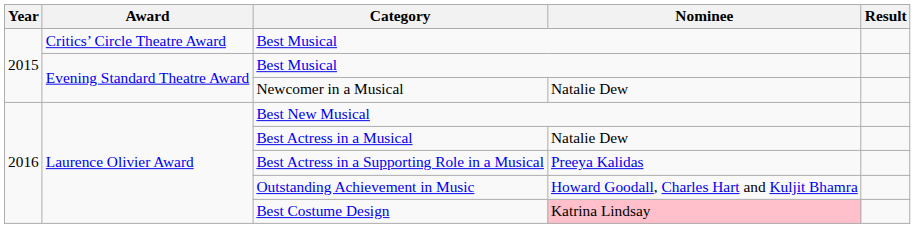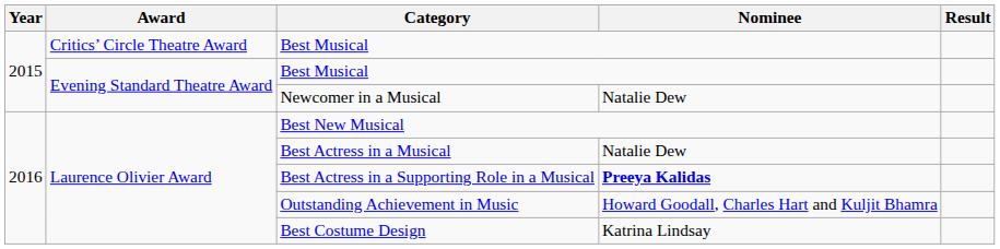 <table class="wikitable sortable">
 <tr>
 <th>Year</th>
 <th>Award</th>
 <th>Category</th>
 <th>Nominee</th>
 <th>Result</th>
 </tr>
 <tr>
 <td rowspan="3">2015</td>
 <td><a href='#'>Critics’ Circle Theatre Award</a></td>
 <td colspan="2"><a href='#'>Best Musical</a></td>
 <td></td>
 </tr>
 <tr>
 <td rowspan="2"><a href='#'>Evening Standard Theatre Award</a></td>
 <td colspan="2"><a href='#'>Best Musical</a></td>
 <td></td>
 </tr>
 <tr>
 <td>Newcomer in a Musical</td>
 <td>Natalie Dew</td>
 <td></td>
 </tr>
 <tr>
 <td rowspan="5">2016</td>
 <td rowspan="5"><a href='#'>Laurence Olivier Award</a></td>
 <td colspan="2"><a href='#'>Best New Musical</a></td>
 <td></td>
 </tr>
 <tr>
 <td><a href='#'>Best Actress in a Musical</a></td>
 <td>Natalie Dew</td>
 <td></td>
 </tr>
 <tr>
 <td><a href='#'>Best Actress in a Supporting Role in a Musical</a></td>
-<td><a href='#'>Preeya Kalidas</a></td>
+<td><strong><a href='#'>Preeya Kalidas</a></strong></td>
 <td></td>
 </tr>
 <tr>
 <td><a href='#'>Outstanding Achievement in Music</a></td>
 <td><a href='#'>Howard Goodall</a>, <a href='#'>Charles Hart</a> and <a href='#'>Kuljit Bhamra</a></td>
 <td></td>
 </tr>
 <tr>
 <td><a href='#'>Best Costume Design</a></td>
-<td style="background: pink;">Katrina Lindsay</td>
+<td>Katrina Lindsay</td>
 <td></td>
 </tr>
 </table>
